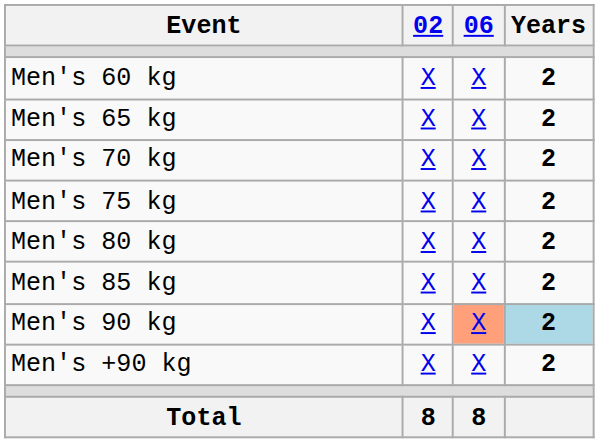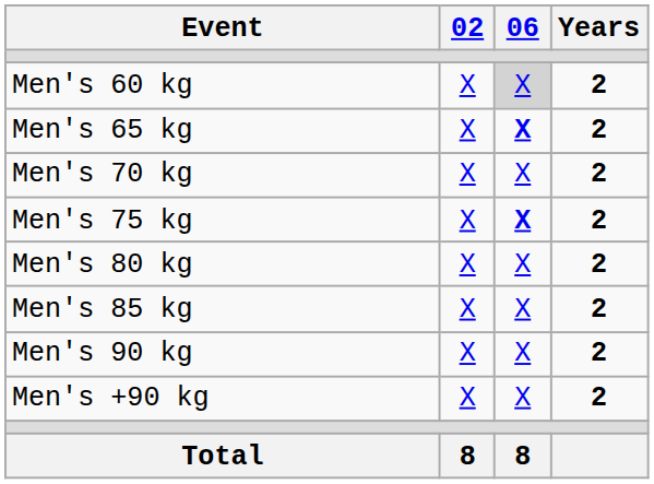 <table class=wikitable style="text-align:center">
 <tr>
 <th width="200">Event</th>
 <th width=20><a href='#'>02</a></th>
 <th width=20><a href='#'>06</a></th>
 <th width=40>Years</th>
 </tr>
 <tr bgcolor=#DDDDDD>
 <td colspan=4></td>
 </tr>
 <tr>
 <td align=left>Men's 60 kg</td>
 <td><a href='#'>X</a></td>
-<td><a href='#'>X</a></td>
+<td style="background: lightgrey;"><a href='#'>X</a></td>
 <td><strong>2</strong></td>
 </tr>
 <tr>
 <td align=left>Men's 65 kg</td>
 <td><a href='#'>X</a></td>
-<td><a href='#'>X</a></td>
+<td><strong><a href='#'>X</a></strong></td>
 <td><strong>2</strong></td>
 </tr>
 <tr>
 <td align=left>Men's 70 kg</td>
 <td><a href='#'>X</a></td>
 <td><a href='#'>X</a></td>
 <td><strong>2</strong></td>
 </tr>
 <tr>
 <td align=left>Men's 75 kg</td>
 <td><a href='#'>X</a></td>
-<td><a href='#'>X</a></td>
+<td><strong><a href='#'>X</a></strong></td>
 <td><strong>2</strong></td>
 </tr>
 <tr>
 <td align=left>Men's 80 kg</td>
 <td><a href='#'>X</a></td>
 <td><a href='#'>X</a></td>
 <td><strong>2</strong></td>
 </tr>
 <tr>
 <td align=left>Men's 85 kg</td>
 <td><a href='#'>X</a></td>
 <td><a href='#'>X</a></td>
 <td><strong>2</strong></td>
 </tr>
 <tr>
 <td align=left>Men's 90 kg</td>
 <td><a href='#'>X</a></td>
-<td style="background: lightsalmon;"><a href='#'>X</a></td>
-<td style="background: lightblue;"><strong>2</strong></td>
+<td><a href='#'>X</a></td>
+<td><strong>2</strong></td>
 </tr>
 <tr>
 <td align=left>Men's +90 kg</td>
 <td><a href='#'>X</a></td>
 <td><a href='#'>X</a></td>
 <td><strong>2</strong></td>
 </tr>
 <tr bgcolor=#DDDDDD>
 <td colspan=4></td>
 </tr>
 <tr>
 <th>Total</th>
 <th>8</th>
 <th>8</th>
 <th></th>
 </tr>
 </table>
